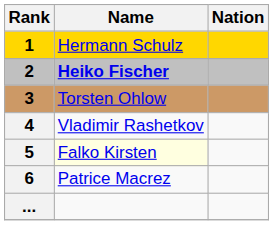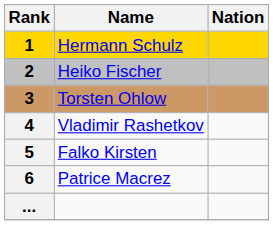 <table class="wikitable">
 <tr>
 <th>Rank</th>
 <th>Name</th>
 <th>Nation</th>
 </tr>
 <tr bgcolor="gold">
 <td align="center"><strong>1</strong></td>
 <td><a href='#'>Hermann Schulz</a></td>
 <td></td>
 </tr>
 <tr bgcolor="silver">
 <td align="center"><strong>2</strong></td>
-<td><strong><a href='#'>Heiko Fischer</a></strong></td>
+<td><a href='#'>Heiko Fischer</a></td>
 <td></td>
 </tr>
 <tr bgcolor="cc9966">
 <td align="center"><strong>3</strong></td>
 <td><a href='#'>Torsten Ohlow</a></td>
 <td></td>
 </tr>
 <tr>
 <th>4</th>
 <td><a href='#'>Vladimir Rashetkov</a></td>
 <td></td>
 </tr>
 <tr>
 <th>5</th>
-<td style="background: lightyellow;"><a href='#'>Falko Kirsten</a></td>
+<td><a href='#'>Falko Kirsten</a></td>
 <td></td>
 </tr>
 <tr>
 <th>6</th>
 <td><a href='#'>Patrice Macrez</a></td>
 <td></td>
 </tr>
 <tr>
 <th>...</th>
 <td></td>
 <td></td>
 </tr>
 <tr>
 </tr>
 </table>
